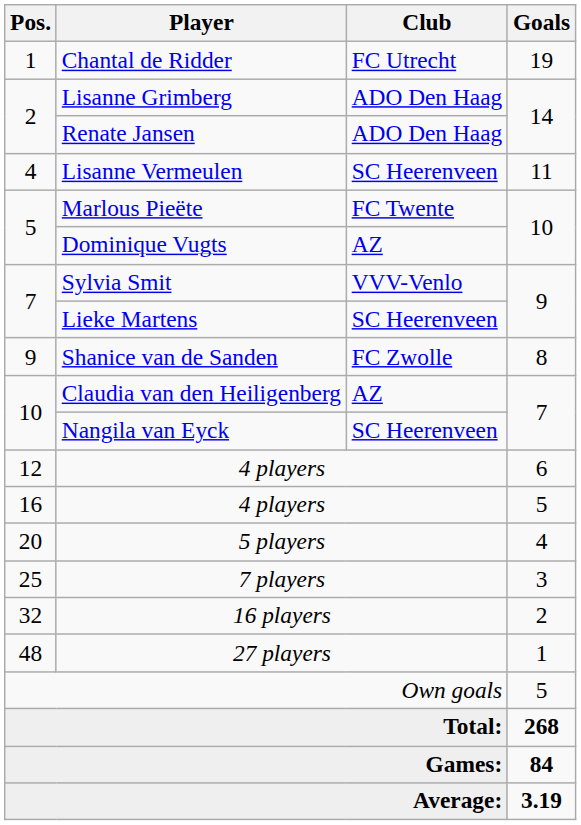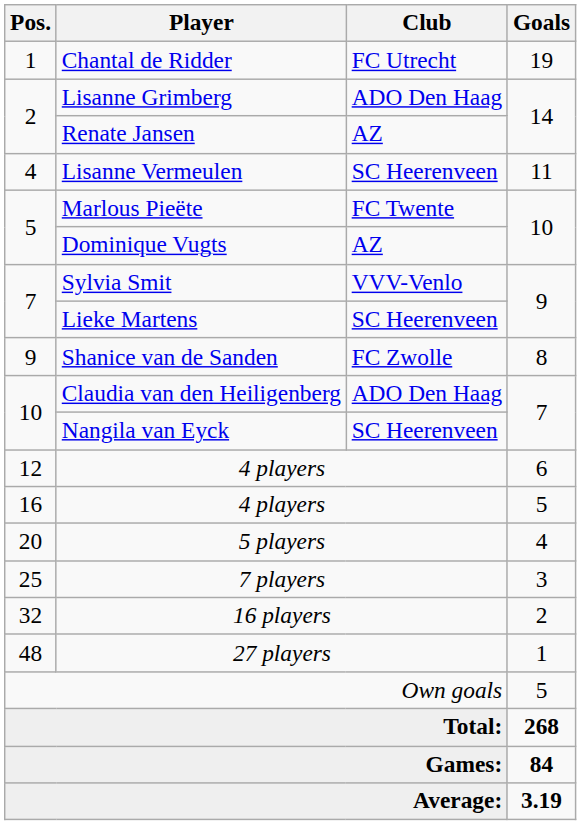 <table class="wikitable">
 <tr>
 <th>Pos.</th>
 <th>Player</th>
 <th>Club</th>
 <th>Goals</th>
 </tr>
 <tr>
 <td rowspan=1 align="center">1</td>
 <td> <a href='#'>Chantal de Ridder</a></td>
 <td><a href='#'>FC Utrecht</a></td>
 <td rowspan=1 align="center">19</td>
 </tr>
 <tr>
 <td rowspan=2 align="center">2</td>
 <td> <a href='#'>Lisanne Grimberg</a></td>
 <td><a href='#'>ADO Den Haag</a></td>
 <td rowspan=2 align="center">14</td>
 </tr>
 <tr>
 <td> <a href='#'>Renate Jansen</a></td>
-<td><a href='#'>ADO Den Haag</a></td>
+<td><a href='#'>AZ</a></td>
 </tr>
 <tr>
 <td rowspan=1 align="center">4</td>
 <td> <a href='#'>Lisanne Vermeulen</a></td>
 <td><a href='#'>SC Heerenveen</a></td>
 <td rowspan=1 align="center">11</td>
 </tr>
 <tr>
 <td rowspan=2 align="center">5</td>
 <td> <a href='#'>Marlous Pieëte</a></td>
 <td><a href='#'>FC Twente</a></td>
 <td rowspan=2 align="center">10</td>
 </tr>
 <tr>
 <td> <a href='#'>Dominique Vugts</a></td>
 <td><a href='#'>AZ</a></td>
 </tr>
 <tr>
 <td rowspan=2 align="center">7</td>
 <td> <a href='#'>Sylvia Smit</a></td>
 <td><a href='#'>VVV-Venlo</a></td>
 <td rowspan=2 align="center">9</td>
 </tr>
 <tr>
 <td> <a href='#'>Lieke Martens</a></td>
 <td><a href='#'>SC Heerenveen</a></td>
 </tr>
 <tr>
 <td rowspan=1 align="center">9</td>
 <td> <a href='#'>Shanice van de Sanden</a></td>
 <td><a href='#'>FC Zwolle</a></td>
 <td rowspan=1 align="center">8</td>
 </tr>
 <tr>
 <td rowspan=2 align=center>10</td>
 <td> <a href='#'>Claudia van den Heiligenberg</a></td>
-<td><a href='#'>AZ</a></td>
+<td><a href='#'>ADO Den Haag</a></td>
 <td rowspan=2 align=center>7</td>
 </tr>
 <tr>
 <td> <a href='#'>Nangila van Eyck</a></td>
 <td><a href='#'>SC Heerenveen</a></td>
 </tr>
 <tr>
 <td rowspan=1 align="center">12</td>
 <td colspan=2 align="center"><em>4 players</em></td>
 <td rowspan=1 align="center">6</td>
 </tr>
 <tr>
 <td rowspan=1 align="center">16</td>
 <td colspan=2 align="center"><em>4 players</em></td>
 <td rowspan=1 align="center">5</td>
 </tr>
 <tr>
 <td rowspan=1 align="center">20</td>
 <td colspan=2 align="center"><em>5 players</em></td>
 <td rowspan=1 align="center">4</td>
 </tr>
 <tr>
 <td rowspan=1 align="center">25</td>
 <td colspan=2 align="center"><em>7 players</em></td>
 <td rowspan=1 align="center">3</td>
 </tr>
 <tr>
 <td rowspan=1 align="center">32</td>
 <td colspan=2 align="center"><em>16 players</em></td>
 <td rowspan=1 align="center">2</td>
 </tr>
 <tr>
 <td rowspan=1 align="center">48</td>
 <td colspan=2 align="center"><em>27 players</em></td>
 <td rowspan=1 align="center">1</td>
 </tr>
 <tr>
 <td colspan=3 align="right"><em>Own goals</em></td>
 <td rowspan=1 align="center">5</td>
 </tr>
 <tr>
 <td bgcolor="#EFEFEF" colspan=3 align="right"><strong>Total:</strong></td>
 <td align="center"><strong>268</strong></td>
 </tr>
 <tr>
 <td bgcolor="#EFEFEF" colspan=3 align="right"><strong>Games:</strong></td>
 <td align="center"><strong>84</strong></td>
 </tr>
 <tr>
 <td bgcolor="#EFEFEF" colspan=3 align="right"><strong>Average:</strong></td>
 <td align="center"><strong>3.19</strong></td>
 </tr>
 </table>
